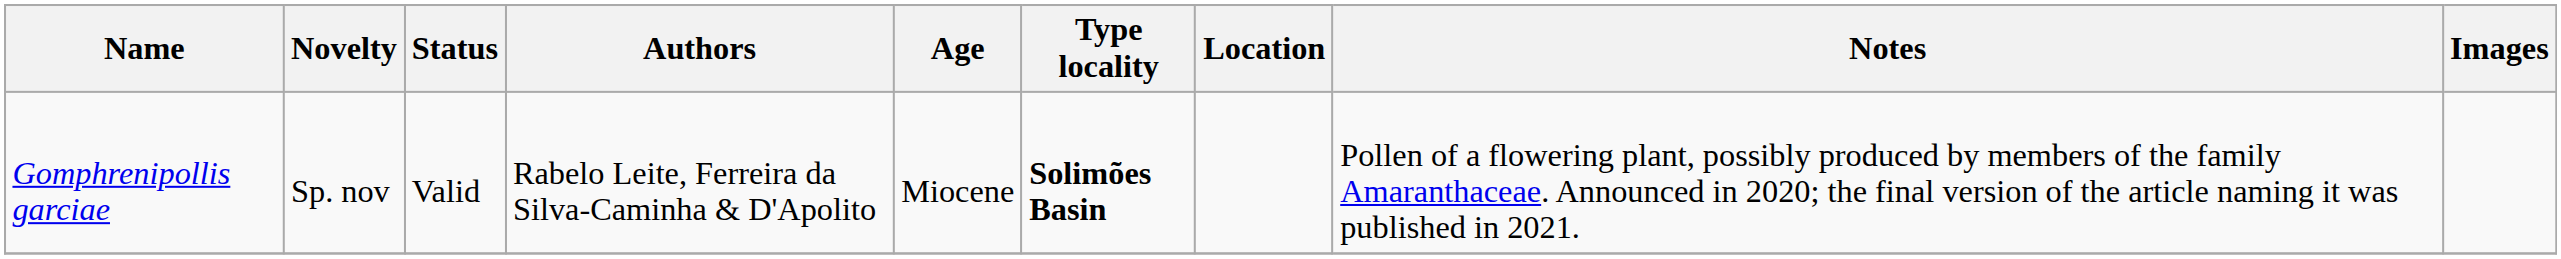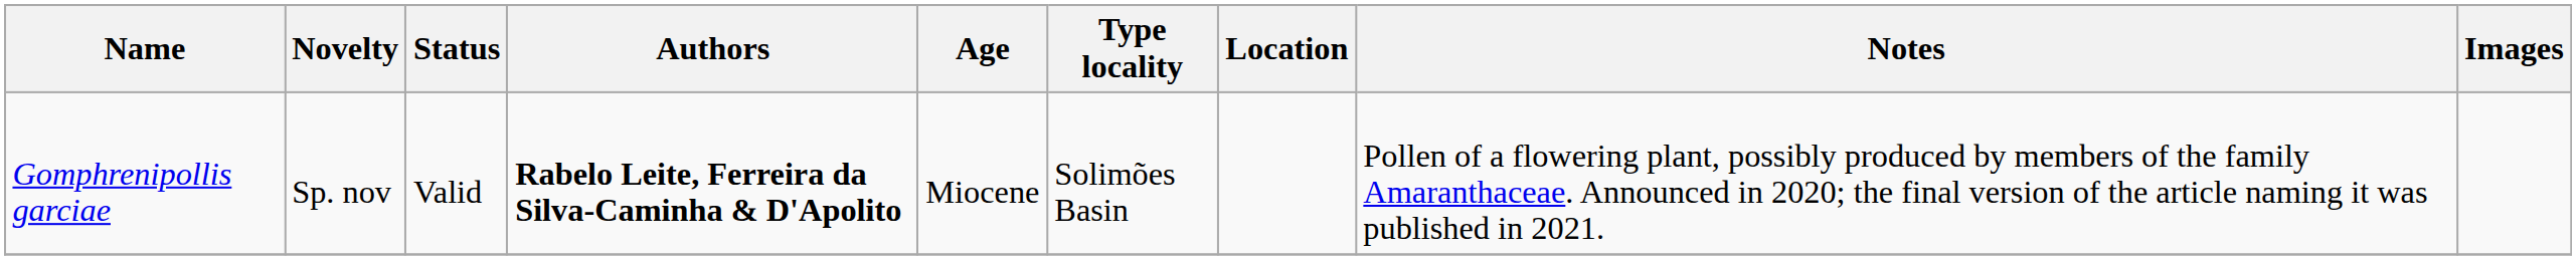 <table class="wikitable sortable" align="center" width="100%">
 <tr>
 <th>Name</th>
 <th>Novelty</th>
 <th>Status</th>
 <th>Authors</th>
 <th>Age</th>
 <th>Type locality</th>
 <th>Location</th>
 <th>Notes</th>
 <th>Images</th>
 </tr>
 <tr>
 <td><br><em><a href='#'>Gomphrenipollis garciae</a></em></td>
 <td><br>Sp. nov</td>
 <td><br>Valid</td>
-<td><br>Rabelo Leite, Ferreira da Silva-Caminha & D'Apolito</td>
+<td><strong><br>Rabelo Leite, Ferreira da Silva-Caminha & D'Apolito</strong></td>
 <td><br>Miocene</td>
-<td><strong><br>Solimões Basin</strong></td>
+<td><br>Solimões Basin</td>
 <td><br></td>
 <td><br>Pollen of a flowering plant, possibly produced by members of the family <a href='#'>Amaranthaceae</a>. Announced in 2020; the final version of the article naming it was published in 2021.</td>
 <td></td>
 </tr>
 <tr>
 </tr>
 </table>
